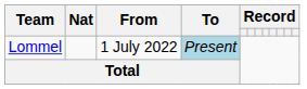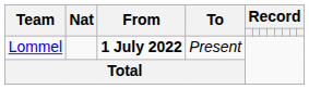 <table class="wikitable" style="text-align: center">
 <tr>
 <th rowspan="2">Team</th>
 <th rowspan="2">Nat</th>
 <th rowspan="2">From</th>
 <th rowspan="2">To</th>
 <th colspan="8">Record</th>
 </tr>
 <tr>
 <th></th>
 <th></th>
 <th></th>
 <th></th>
 <th></th>
 <th></th>
 <th></th>
 <th></th>
 </tr>
 <tr>
 <td align=center><a href='#'>Lommel</a></td>
 <td></td>
-<td align=center>1 July 2022</td>
-<td align=center style="background: lightblue;"><em>Present</em><br></td>
+<td align=center><strong>1 July 2022</strong></td>
+<td align=center><em>Present</em><br></td>
 </tr>
 <tr>
 <th colspan="4">Total<br></th>
 </tr>
 </table>
